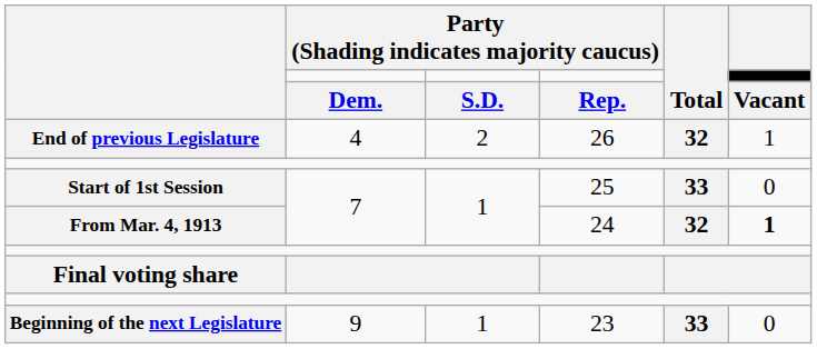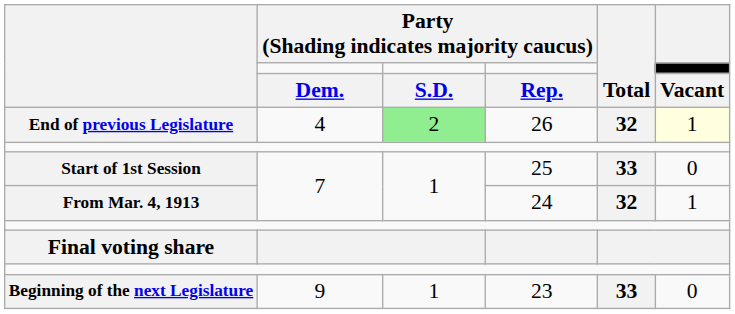 <table class=wikitable style="text-align:center">
 <tr style="vertical-align:bottom;">
 <th rowspan=3></th>
 <th colspan=3>Party <div>(Shading indicates majority caucus)</div></th>
 <th rowspan=3>Total</th>
 <th></th>
 </tr>
 <tr style="height:5px">
 <td style="background-color:"></td>
 <td style="background-color:"></td>
 <td style="background-color:"></td>
 <td style="background:black;"></td>
 </tr>
 <tr>
 <th><a href='#'>Dem.</a></th>
 <th><a href='#'>S.D.</a></th>
 <th><a href='#'>Rep.</a></th>
 <th>Vacant</th>
 </tr>
 <tr>
 <th style="font-size:80%;">End of <a href='#'>previous Legislature</a></th>
 <td>4</td>
-<td>2</td>
+<td style="background: lightgreen;">2</td>
 <td>26</td>
 <th>32</th>
-<td>1</td>
+<td style="background: lightyellow;">1</td>
 </tr>
 <tr>
 <td colspan=6></td>
 </tr>
 <tr>
 <th style="font-size:80%;">Start of 1st Session</th>
 <td rowspan="2">7</td>
 <td rowspan="2">1</td>
 <td>25</td>
 <th>33</th>
 <td>0</td>
 </tr>
 <tr>
 <th style="font-size:80%;">From Mar. 4, 1913</th>
 <td>24</td>
 <th>32</th>
-<td><strong>1</strong></td>
+<td>1</td>
 </tr>
 <tr>
 <td colspan=6></td>
 </tr>
 <tr>
 <th>Final voting share</th>
 <th colspan=2></th>
 <th></th>
 <th colspan=2></th>
 </tr>
 <tr>
 <td colspan=6></td>
 </tr>
 <tr>
 <th style="font-size:80%;">Beginning of the <a href='#'>next Legislature</a></th>
 <td>9</td>
 <td>1</td>
 <td>23</td>
 <th>33</th>
 <td>0</td>
 </tr>
 </table>
